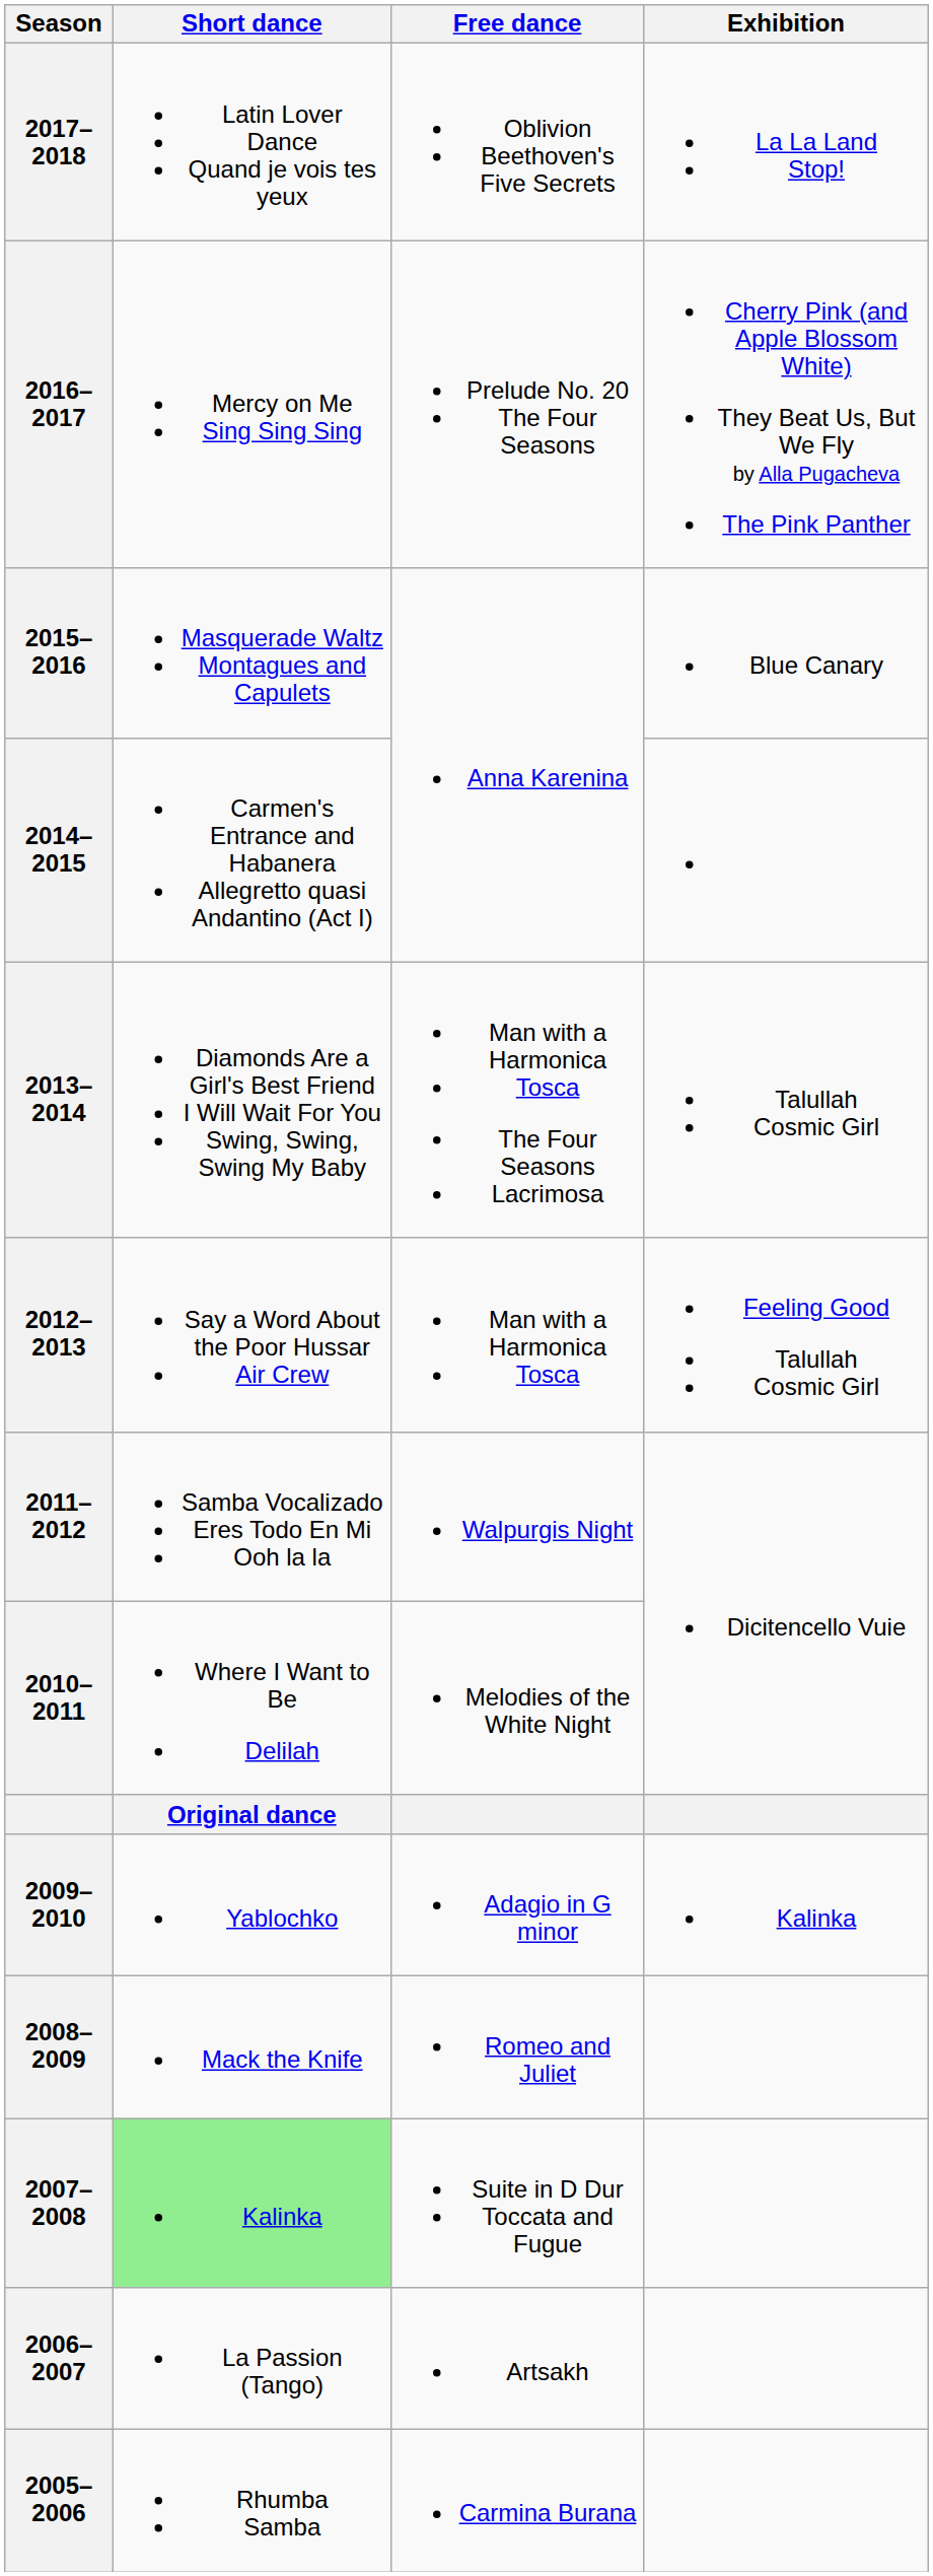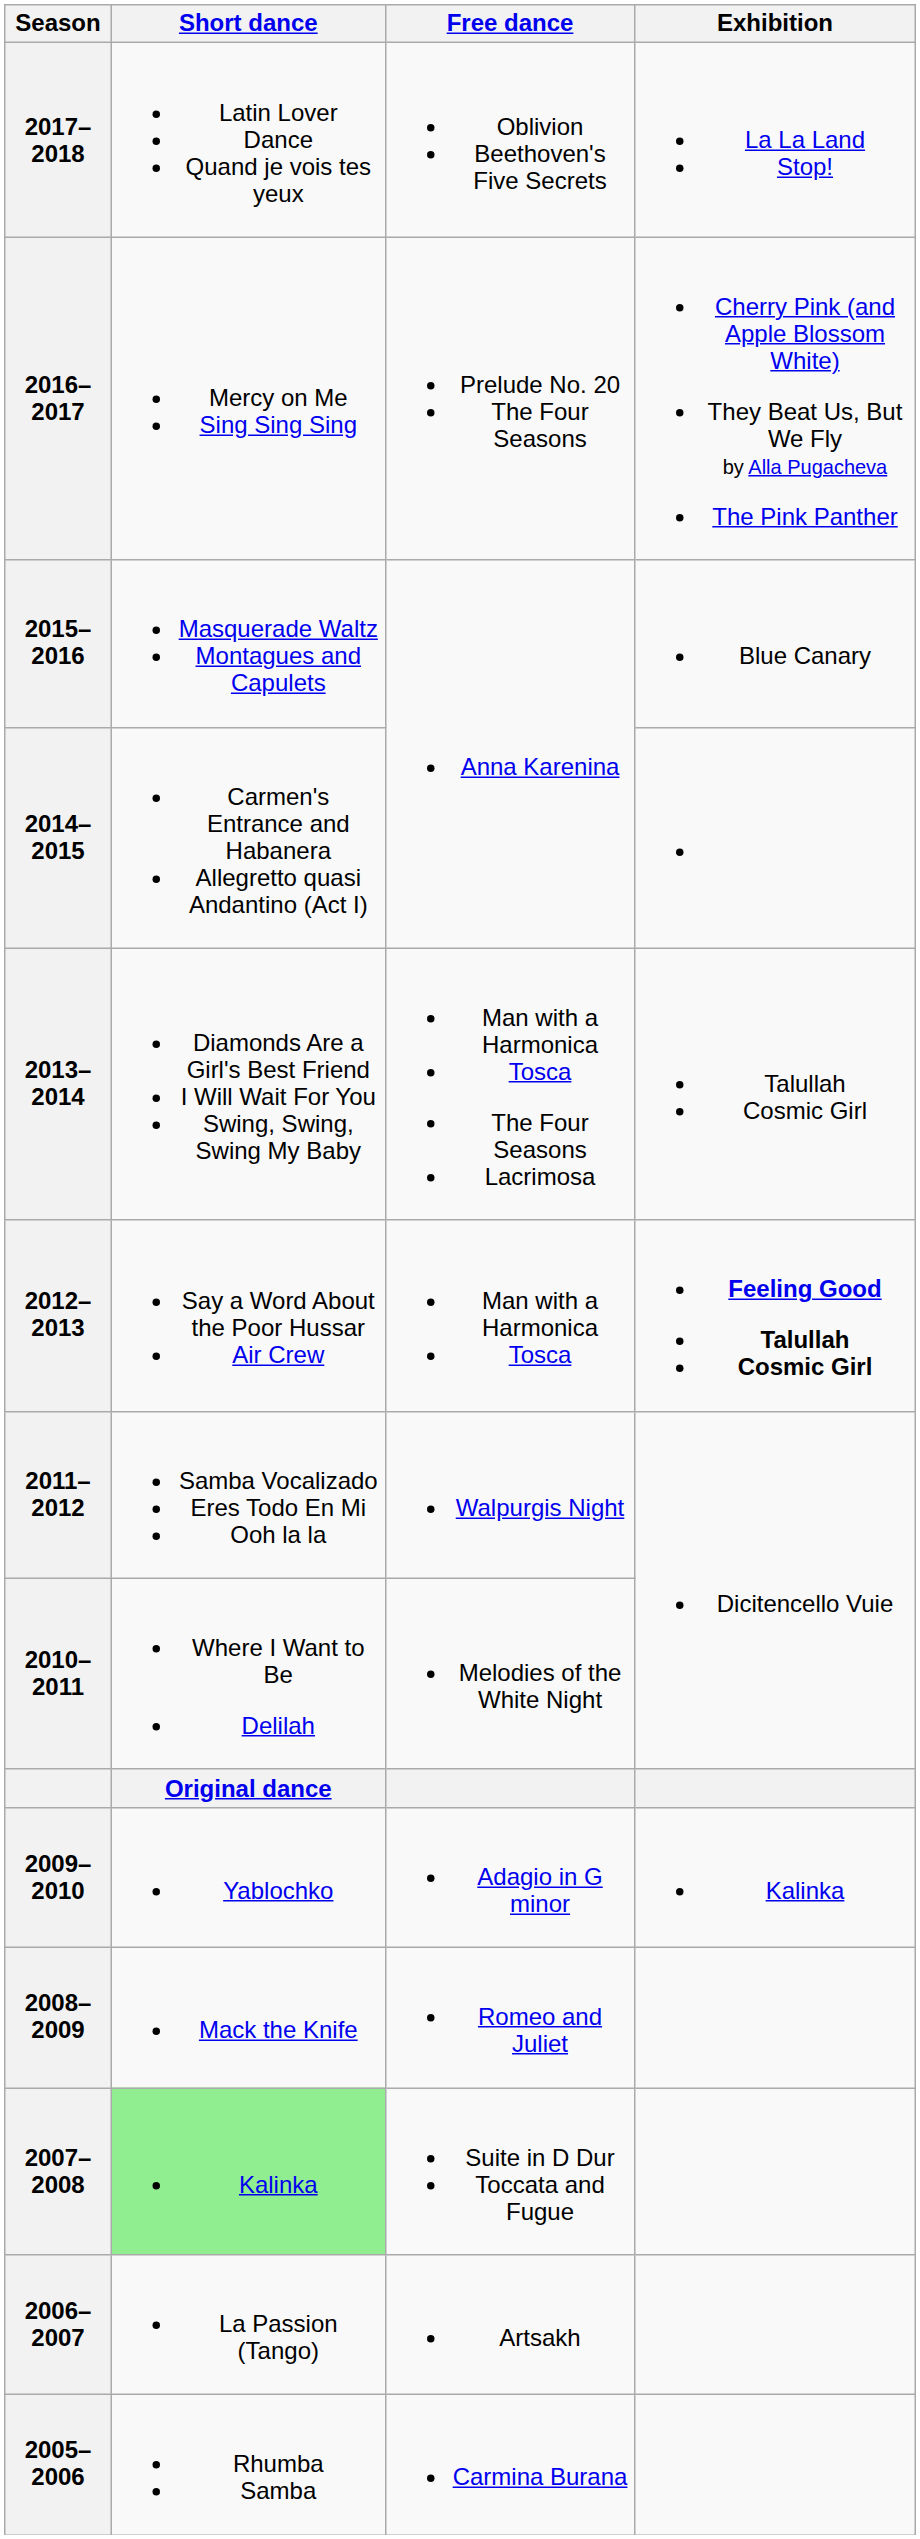 <table class="wikitable" style="text-align:center">
 <tr>
 <th>Season</th>
 <th><a href='#'>Short dance</a></th>
 <th><a href='#'>Free dance</a></th>
 <th>Exhibition</th>
 </tr>
 <tr>
 <th>2017–2018 <br></th>
 <td><br><ul><li> Latin Lover <br></li><li> Dance <br></li><li> Quand je vois tes yeux <br></li></ul></td>
 <td><br><ul><li>Oblivion <br></li><li>Beethoven's Five Secrets <br></li></ul></td>
 <td><br><ul><li><a href='#'>La La Land</a></li><li><a href='#'>Stop!</a> <br></li></ul></td>
 </tr>
 <tr>
 <th>2016–2017 <br></th>
 <td><br><ul><li> Mercy on Me <br></li><li> <a href='#'>Sing Sing Sing</a> <br></li></ul></td>
 <td><br><ul><li>Prelude No. 20 <br></li><li>The Four Seasons <br></li></ul></td>
 <td><br><ul><li><a href='#'>Cherry Pink (and Apple Blossom White)</a> <br></li></ul><ul><li>They Beat Us, But We Fly<br><small>by <a href='#'>Alla Pugacheva</a></small></li></ul><ul><li><a href='#'>The Pink Panther</a> <br></li></ul></td>
 </tr>
 <tr>
 <th>2015–2016 <br> </th>
 <td><br><ul><li> <a href='#'>Masquerade Waltz</a> <br></li><li> <a href='#'>Montagues and Capulets</a> <br></li></ul></td>
 <td rowspan=2><br><ul><li><a href='#'>Anna Karenina</a> <br></li></ul></td>
 <td><br><ul><li>Blue Canary <br></li></ul></td>
 </tr>
 <tr>
 <th>2014–2015 <br> </th>
 <td><br><ul><li> Carmen's Entrance and Habanera <br> </li><li> Allegretto quasi Andantino (Act I) <br> </li></ul></td>
 <td><br><ul><li></li></ul></td>
 </tr>
 <tr>
 <th>2013–2014 <br> </th>
 <td><br><ul><li> Diamonds Are a Girl's Best Friend <br></li><li> I Will Wait For You <br></li><li> Swing, Swing, Swing My Baby</li></ul></td>
 <td><br><ul><li>Man with a Harmonica <br></li><li><a href='#'>Tosca</a> <br></li></ul><ul><li>The Four Seasons <br></li><li>Lacrimosa <br></li></ul></td>
 <td><br><ul><li>Talullah</li><li>Cosmic Girl <br></li></ul></td>
 </tr>
 <tr>
 <th>2012–2013 <br> </th>
 <td><br><ul><li> Say a Word About the Poor Hussar <br></li><li> <a href='#'>Air Crew</a> <br></li></ul></td>
 <td><br><ul><li>Man with a Harmonica <br></li><li><a href='#'>Tosca</a> <br></li></ul></td>
-<td><br><ul><li><a href='#'>Feeling Good</a> <br></li></ul><ul><li>Talullah</li><li>Cosmic Girl <br></li></ul></td>
+<td><strong><br><ul><li><a href='#'>Feeling Good</a> <br></li></ul><ul><li>Talullah</li><li>Cosmic Girl <br></li></ul></strong></td>
 </tr>
 <tr>
 <th>2011–2012 <br></th>
 <td><br><ul><li>Samba Vocalizado <br></li><li>Eres Todo En Mi <br></li><li>Ooh la la <br></li></ul></td>
 <td><br><ul><li><a href='#'>Walpurgis Night</a> <br></li></ul></td>
 <td rowspan=2><br><ul><li>Dicitencello Vuie <br></li></ul></td>
 </tr>
 <tr>
 <th>2010–2011 <br></th>
 <td><br><ul><li>Where I Want to Be <br></li></ul><ul><li><a href='#'>Delilah</a> <br></li></ul></td>
 <td><br><ul><li>Melodies of the White Night <br></li></ul></td>
 </tr>
 <tr>
 <th></th>
 <th><a href='#'>Original dance</a></th>
 <th></th>
 <th></th>
 </tr>
 <tr>
 <th>2009–2010 <br></th>
 <td><br><ul><li><a href='#'>Yablochko</a> <br></li></ul></td>
 <td><br><ul><li><a href='#'>Adagio in G minor</a> <br></li></ul></td>
 <td><br><ul><li><a href='#'>Kalinka</a></li></ul></td>
 </tr>
 <tr>
 <th>2008–2009 <br></th>
 <td><br><ul><li><a href='#'>Mack the Knife</a> <br></li></ul></td>
 <td><br><ul><li><a href='#'>Romeo and Juliet</a> <br></li></ul></td>
 <td></td>
 </tr>
 <tr>
 <th>2007–2008 <br></th>
 <td style="background: lightgreen;"><br><ul><li><a href='#'>Kalinka</a></li></ul></td>
 <td><br><ul><li>Suite in D Dur <br></li><li>Toccata and Fugue <br></li></ul></td>
 <td></td>
 </tr>
 <tr>
 <th>2006–2007 <br></th>
 <td><br><ul><li>La Passion (Tango)</li></ul></td>
 <td><br><ul><li>Artsakh <br></li></ul></td>
 <td></td>
 </tr>
 <tr>
 <th>2005–2006 <br></th>
 <td><br><ul><li>Rhumba</li><li>Samba</li></ul></td>
 <td><br><ul><li><a href='#'>Carmina Burana</a> <br></li></ul></td>
 <td></td>
 </tr>
 </table>
